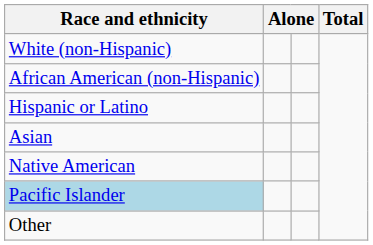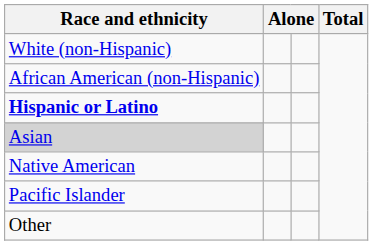 <table class="wikitable sortable collapsible" ; text-align:right; font-size:80%;">
 <tr>
 <th>Race and ethnicity</th>
 <th colspan="2" data-sort-type="number">Alone</th>
 <th colspan="2" data-sort-type="number">Total</th>
 </tr>
 <tr>
 <td><a href='#'>White (non-Hispanic)</a></td>
 <td align=right></td>
 <td align=right></td>
 </tr>
 <tr>
 <td><a href='#'>African American (non-Hispanic)</a></td>
 <td align=right></td>
 <td align=right></td>
 </tr>
 <tr>
-<td><a href='#'>Hispanic or Latino</a></td>
+<td><strong><a href='#'>Hispanic or Latino</a></strong></td>
 <td align=right></td>
 <td align=right></td>
 </tr>
 <tr>
-<td><a href='#'>Asian</a></td>
+<td style="background: lightgrey;"><a href='#'>Asian</a></td>
 <td align=right></td>
 <td align=right></td>
 </tr>
 <tr>
 <td><a href='#'>Native American</a></td>
 <td align=right></td>
 <td align=right></td>
 </tr>
 <tr>
-<td style="background: lightblue;"><a href='#'>Pacific Islander</a></td>
+<td><a href='#'>Pacific Islander</a></td>
 <td align=right></td>
 <td align=right></td>
 </tr>
 <tr>
 <td>Other</td>
 <td align=right></td>
 <td align=right></td>
 </tr>
 </table>
